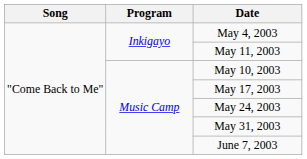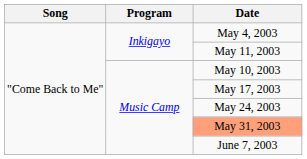 <table class="wikitable" style="text-align:center">
 <tr>
 <th>Song</th>
 <th width="110">Program</th>
 <th width="140">Date</th>
 </tr>
 <tr>
 <td rowspan="7">"Come Back to Me"</td>
 <td rowspan="2"><em><a href='#'>Inkigayo</a></em></td>
 <td>May 4, 2003</td>
 </tr>
 <tr>
 <td>May 11, 2003</td>
 </tr>
 <tr>
 <td rowspan="5"><em><a href='#'>Music Camp</a></em></td>
 <td>May 10, 2003</td>
 </tr>
 <tr>
 <td>May 17, 2003</td>
 </tr>
 <tr>
 <td>May 24, 2003</td>
 </tr>
 <tr>
-<td>May 31, 2003</td>
+<td style="background: lightsalmon;">May 31, 2003</td>
 </tr>
 <tr>
 <td>June 7, 2003</td>
 </tr>
 </table>
